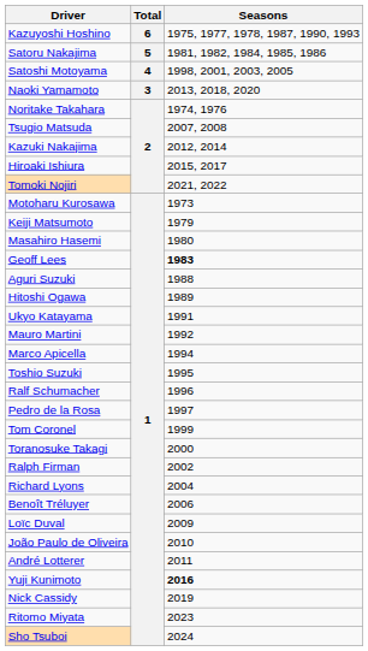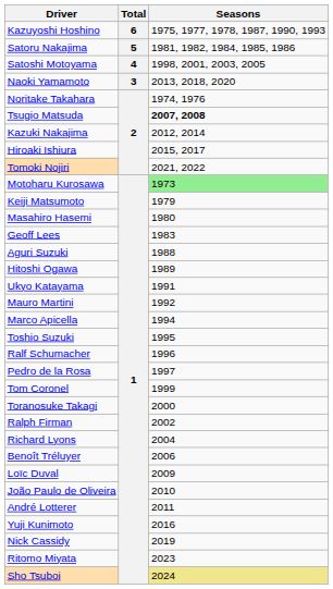 <table class="wikitable" style="font-size:85%;">
 <tr>
 <th>Driver</th>
 <th>Total</th>
 <th>Seasons</th>
 </tr>
 <tr>
 <td> <a href='#'>Kazuyoshi Hoshino</a></td>
 <th>6</th>
 <td>1975, 1977, 1978, 1987, 1990, 1993</td>
 </tr>
 <tr>
 <td> <a href='#'>Satoru Nakajima</a></td>
 <th>5</th>
 <td>1981, 1982, 1984, 1985, 1986</td>
 </tr>
 <tr>
 <td> <a href='#'>Satoshi Motoyama</a></td>
 <th>4</th>
 <td>1998, 2001, 2003, 2005</td>
 </tr>
 <tr>
 <td> <a href='#'>Naoki Yamamoto</a></td>
 <th>3</th>
 <td>2013, 2018, 2020</td>
 </tr>
 <tr>
 <td> <a href='#'>Noritake Takahara</a></td>
 <th rowspan="5">2</th>
 <td>1974, 1976</td>
 </tr>
 <tr>
 <td> <a href='#'>Tsugio Matsuda</a></td>
-<td>2007, 2008</td>
+<td><strong>2007, 2008</strong></td>
 </tr>
 <tr>
 <td> <a href='#'>Kazuki Nakajima</a></td>
 <td>2012, 2014</td>
 </tr>
 <tr>
 <td> <a href='#'>Hiroaki Ishiura</a></td>
 <td>2015, 2017</td>
 </tr>
 <tr>
 <td style="background:NavajoWhite;"> <a href='#'>Tomoki Nojiri</a></td>
 <td>2021, 2022</td>
 </tr>
 <tr>
 <td> <a href='#'>Motoharu Kurosawa</a></td>
 <th rowspan="24">1</th>
-<td>1973</td>
+<td style="background: lightgreen;">1973</td>
 </tr>
 <tr>
 <td> <a href='#'>Keiji Matsumoto</a></td>
 <td>1979</td>
 </tr>
 <tr>
 <td> <a href='#'>Masahiro Hasemi</a></td>
 <td>1980</td>
 </tr>
 <tr>
 <td> <a href='#'>Geoff Lees</a></td>
-<td><strong>1983</strong></td>
+<td>1983</td>
 </tr>
 <tr>
 <td> <a href='#'>Aguri Suzuki</a></td>
 <td>1988</td>
 </tr>
 <tr>
 <td> <a href='#'>Hitoshi Ogawa</a></td>
 <td>1989</td>
 </tr>
 <tr>
 <td> <a href='#'>Ukyo Katayama</a></td>
 <td>1991</td>
 </tr>
 <tr>
 <td> <a href='#'>Mauro Martini</a></td>
 <td>1992</td>
 </tr>
 <tr>
 <td> <a href='#'>Marco Apicella</a></td>
 <td>1994</td>
 </tr>
 <tr>
 <td> <a href='#'>Toshio Suzuki</a></td>
 <td>1995</td>
 </tr>
 <tr>
 <td> <a href='#'>Ralf Schumacher</a></td>
 <td>1996</td>
 </tr>
 <tr>
 <td> <a href='#'>Pedro de la Rosa</a></td>
 <td>1997</td>
 </tr>
 <tr>
 <td> <a href='#'>Tom Coronel</a></td>
 <td>1999</td>
 </tr>
 <tr>
 <td> <a href='#'>Toranosuke Takagi</a></td>
 <td>2000</td>
 </tr>
 <tr>
 <td> <a href='#'>Ralph Firman</a></td>
 <td>2002</td>
 </tr>
 <tr>
 <td> <a href='#'>Richard Lyons</a></td>
 <td>2004</td>
 </tr>
 <tr>
 <td> <a href='#'>Benoît Tréluyer</a></td>
 <td>2006</td>
 </tr>
 <tr>
 <td> <a href='#'>Loïc Duval</a></td>
 <td>2009</td>
 </tr>
 <tr>
 <td> <a href='#'>João Paulo de Oliveira</a></td>
 <td>2010</td>
 </tr>
 <tr>
 <td> <a href='#'>André Lotterer</a></td>
 <td>2011</td>
 </tr>
 <tr>
 <td> <a href='#'>Yuji Kunimoto</a></td>
-<td><strong>2016</strong></td>
+<td>2016</td>
 </tr>
 <tr>
 <td> <a href='#'>Nick Cassidy</a></td>
 <td>2019</td>
 </tr>
 <tr>
 <td> <a href='#'>Ritomo Miyata</a></td>
 <td>2023</td>
 </tr>
 <tr>
 <td style="background:NavajoWhite;"> <a href='#'>Sho Tsuboi</a></td>
-<td>2024</td>
+<td style="background: khaki;">2024</td>
 </tr>
 </table>
